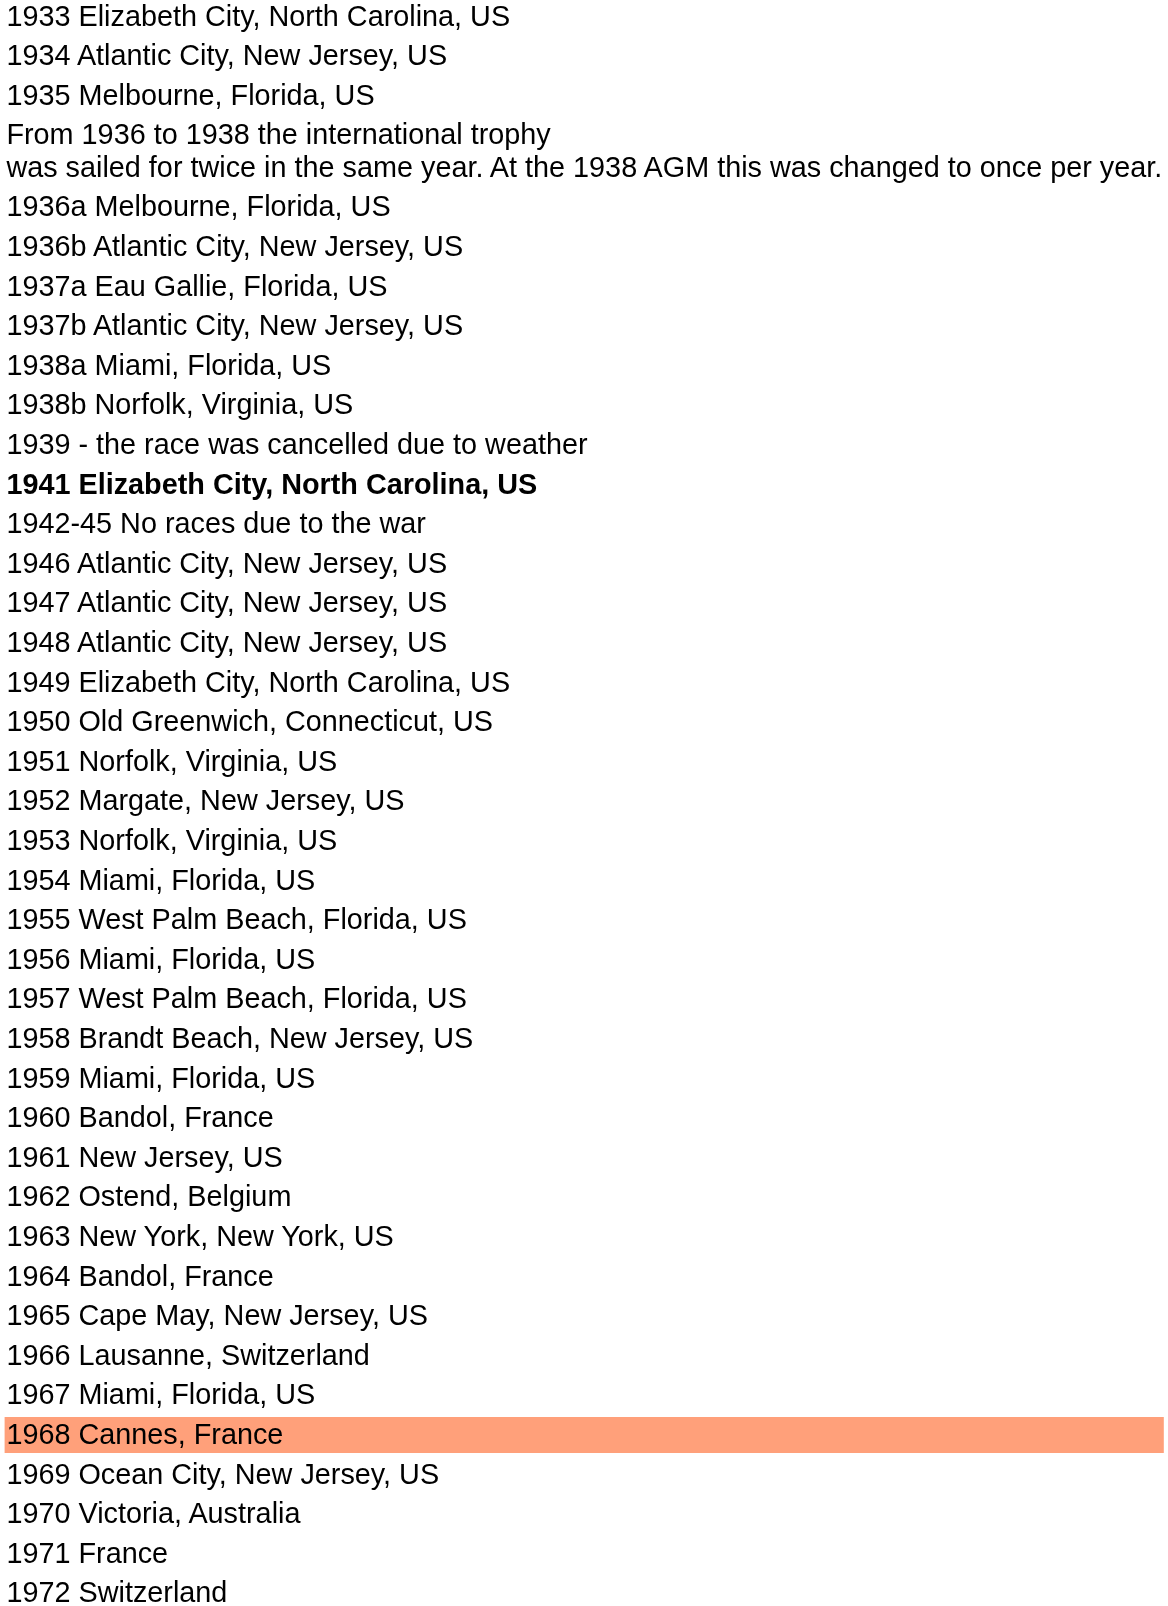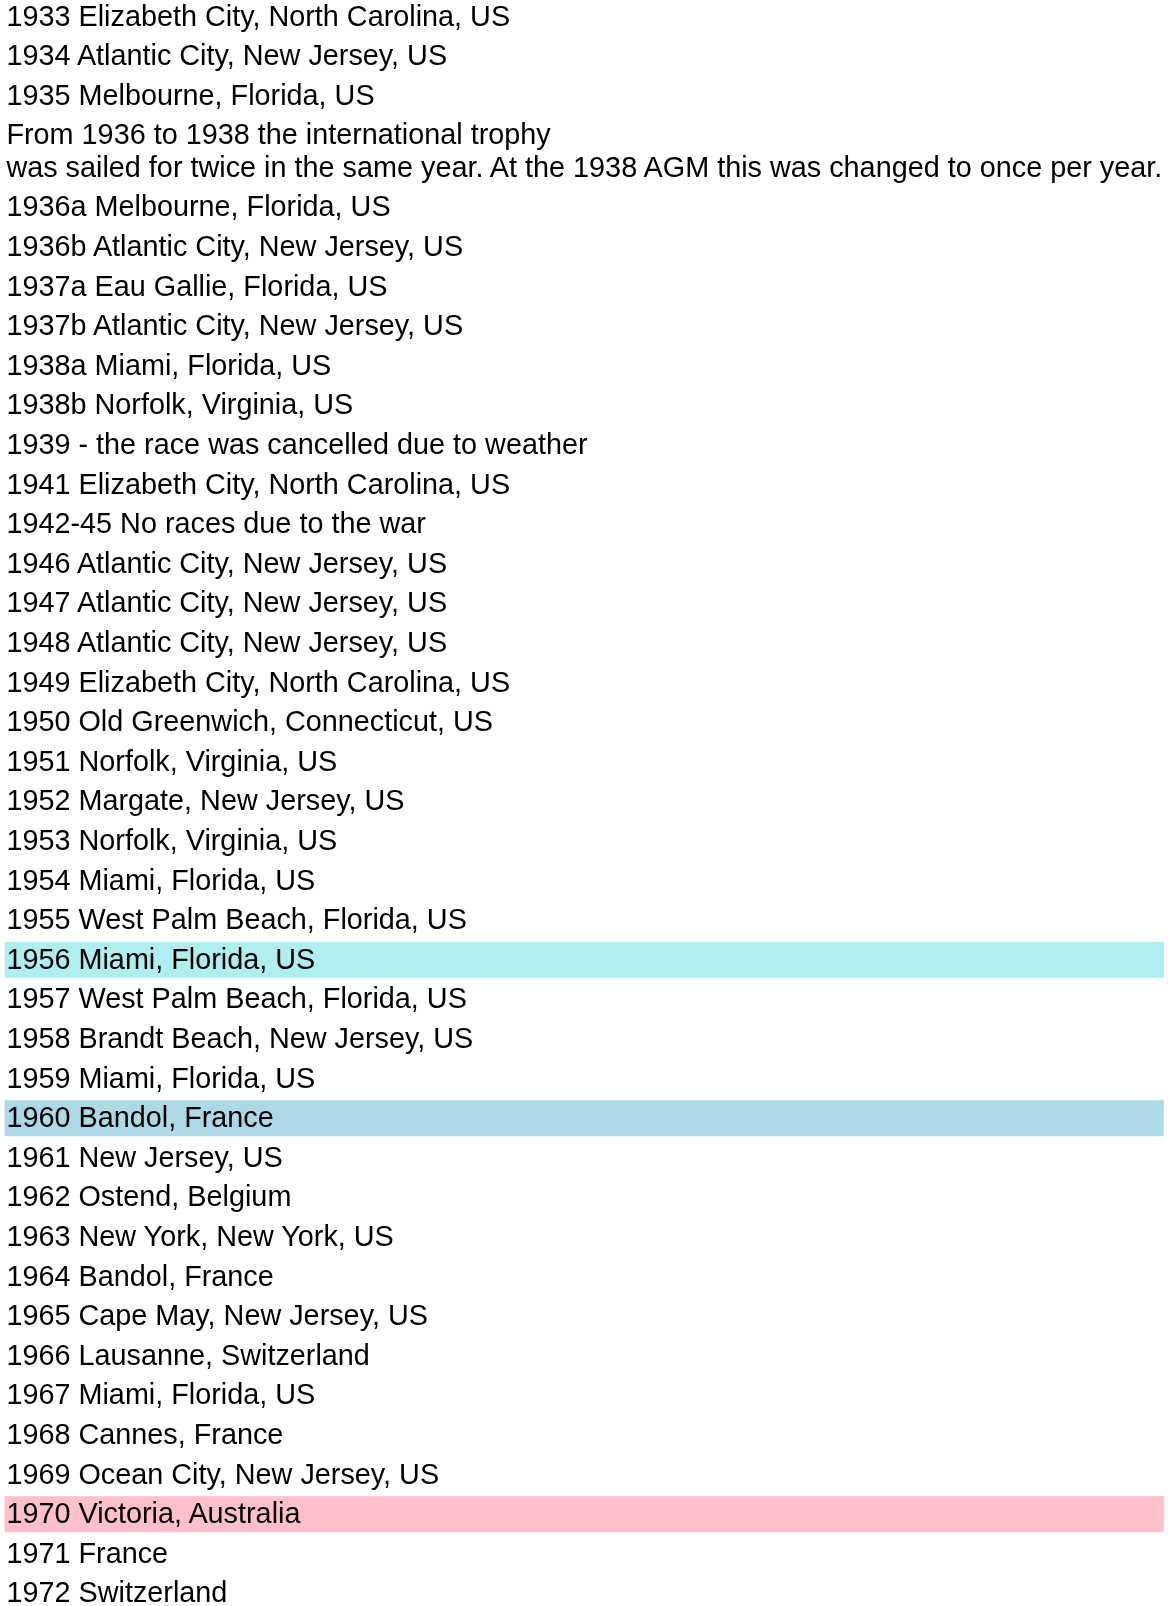 <table>
 <tr>
 <td>1933 Elizabeth City, North Carolina, US</td>
 <td></td>
 <td></td>
 <td></td>
 </tr>
 <tr>
 <td>1934 Atlantic City, New Jersey, US</td>
 <td></td>
 <td></td>
 <td></td>
 </tr>
 <tr>
 <td>1935 Melbourne, Florida, US</td>
 <td></td>
 <td></td>
 <td></td>
 </tr>
 <tr>
 <td>From 1936 to 1938 the international trophy<br>was sailed for twice in the same year.  At the 1938 AGM this was changed to once per year.</td>
 <td></td>
 <td></td>
 </tr>
 <tr>
 <td>1936a Melbourne, Florida, US</td>
 <td></td>
 <td></td>
 <td></td>
 </tr>
 <tr>
 <td>1936b Atlantic City, New Jersey, US</td>
 <td></td>
 <td></td>
 <td></td>
 </tr>
 <tr>
 <td>1937a Eau Gallie, Florida, US</td>
 <td></td>
 <td></td>
 <td></td>
 </tr>
 <tr>
 <td>1937b Atlantic City, New Jersey, US</td>
 <td></td>
 <td></td>
 <td></td>
 </tr>
 <tr>
 <td>1938a Miami, Florida, US</td>
 <td></td>
 <td></td>
 <td></td>
 </tr>
 <tr>
 <td>1938b Norfolk, Virginia, US</td>
 <td></td>
 <td></td>
 <td></td>
 </tr>
 <tr>
 <td>1939 - the race was cancelled due to weather</td>
 <td></td>
 <td></td>
 <td></td>
 </tr>
 <tr>
-<td><strong>1941 Elizabeth City, North Carolina, US</strong></td>
+<td>1941 Elizabeth City, North Carolina, US</td>
 <td></td>
 <td></td>
 <td></td>
 </tr>
 <tr>
 <td>1942-45 No races due to the war</td>
 <td></td>
 <td></td>
 </tr>
 <tr>
 <td>1946 Atlantic City, New Jersey, US</td>
 <td></td>
 <td></td>
 <td></td>
 </tr>
 <tr>
 <td>1947 Atlantic City, New Jersey, US</td>
 <td></td>
 <td></td>
 <td></td>
 </tr>
 <tr>
 <td>1948 Atlantic City, New Jersey, US</td>
 <td></td>
 <td></td>
 <td></td>
 </tr>
 <tr>
 <td>1949 Elizabeth City, North Carolina, US</td>
 <td></td>
 <td></td>
 <td></td>
 </tr>
 <tr>
 <td>1950 Old Greenwich, Connecticut, US</td>
 <td></td>
 <td></td>
 <td></td>
 </tr>
 <tr>
 <td>1951 Norfolk, Virginia, US</td>
 <td></td>
 <td></td>
 <td></td>
 </tr>
 <tr>
 <td>1952 Margate, New Jersey, US</td>
 <td></td>
 <td></td>
 <td></td>
 </tr>
 <tr>
 <td>1953 Norfolk, Virginia, US</td>
 <td></td>
 <td></td>
 <td></td>
 </tr>
 <tr>
 <td>1954 Miami, Florida, US</td>
 <td></td>
 <td></td>
 <td></td>
 </tr>
 <tr>
 <td>1955 West Palm Beach, Florida, US</td>
 <td></td>
 <td></td>
 <td></td>
 </tr>
 <tr>
-<td>1956 Miami, Florida, US</td>
+<td style="background: paleturquoise;">1956 Miami, Florida, US</td>
 <td></td>
 <td></td>
 <td></td>
 </tr>
 <tr>
 <td>1957 West Palm Beach, Florida, US</td>
 <td></td>
 <td></td>
 <td></td>
 </tr>
 <tr>
 <td>1958 Brandt Beach, New Jersey, US</td>
 <td></td>
 <td></td>
 <td></td>
 </tr>
 <tr>
 <td>1959 Miami, Florida, US</td>
 <td></td>
 <td></td>
 <td></td>
 </tr>
 <tr>
-<td>1960 Bandol, France</td>
+<td style="background: lightblue;">1960 Bandol, France</td>
 <td></td>
 <td></td>
 <td></td>
 </tr>
 <tr>
 <td>1961 New Jersey, US</td>
 <td></td>
 <td></td>
 <td></td>
 </tr>
 <tr>
 <td>1962 Ostend, Belgium</td>
 <td></td>
 <td></td>
 <td></td>
 </tr>
 <tr>
 <td>1963 New York, New York, US</td>
 <td></td>
 <td></td>
 <td></td>
 </tr>
 <tr>
 <td>1964 Bandol, France</td>
 <td></td>
 <td></td>
 <td></td>
 </tr>
 <tr>
 <td>1965 Cape May, New Jersey, US</td>
 <td></td>
 <td></td>
 <td></td>
 </tr>
 <tr>
 <td>1966 Lausanne, Switzerland</td>
 <td></td>
 <td></td>
 <td></td>
 </tr>
 <tr>
 <td>1967 Miami, Florida, US</td>
 <td></td>
 <td></td>
 <td></td>
 </tr>
 <tr>
-<td style="background: lightsalmon;">1968 Cannes, France</td>
+<td>1968 Cannes, France</td>
 <td></td>
 <td></td>
 <td></td>
 </tr>
 <tr>
 <td>1969 Ocean City, New Jersey, US</td>
 <td></td>
 <td></td>
 <td></td>
 </tr>
 <tr>
-<td>1970 Victoria, Australia</td>
+<td style="background: pink;">1970 Victoria, Australia</td>
 <td></td>
 <td></td>
 <td></td>
 </tr>
 <tr>
 <td>1971 France</td>
 <td></td>
 <td></td>
 <td></td>
 </tr>
 <tr>
 <td>1972 Switzerland</td>
 <td></td>
 <td></td>
 <td></td>
 </tr>
 <tr>
 </tr>
 </table>
